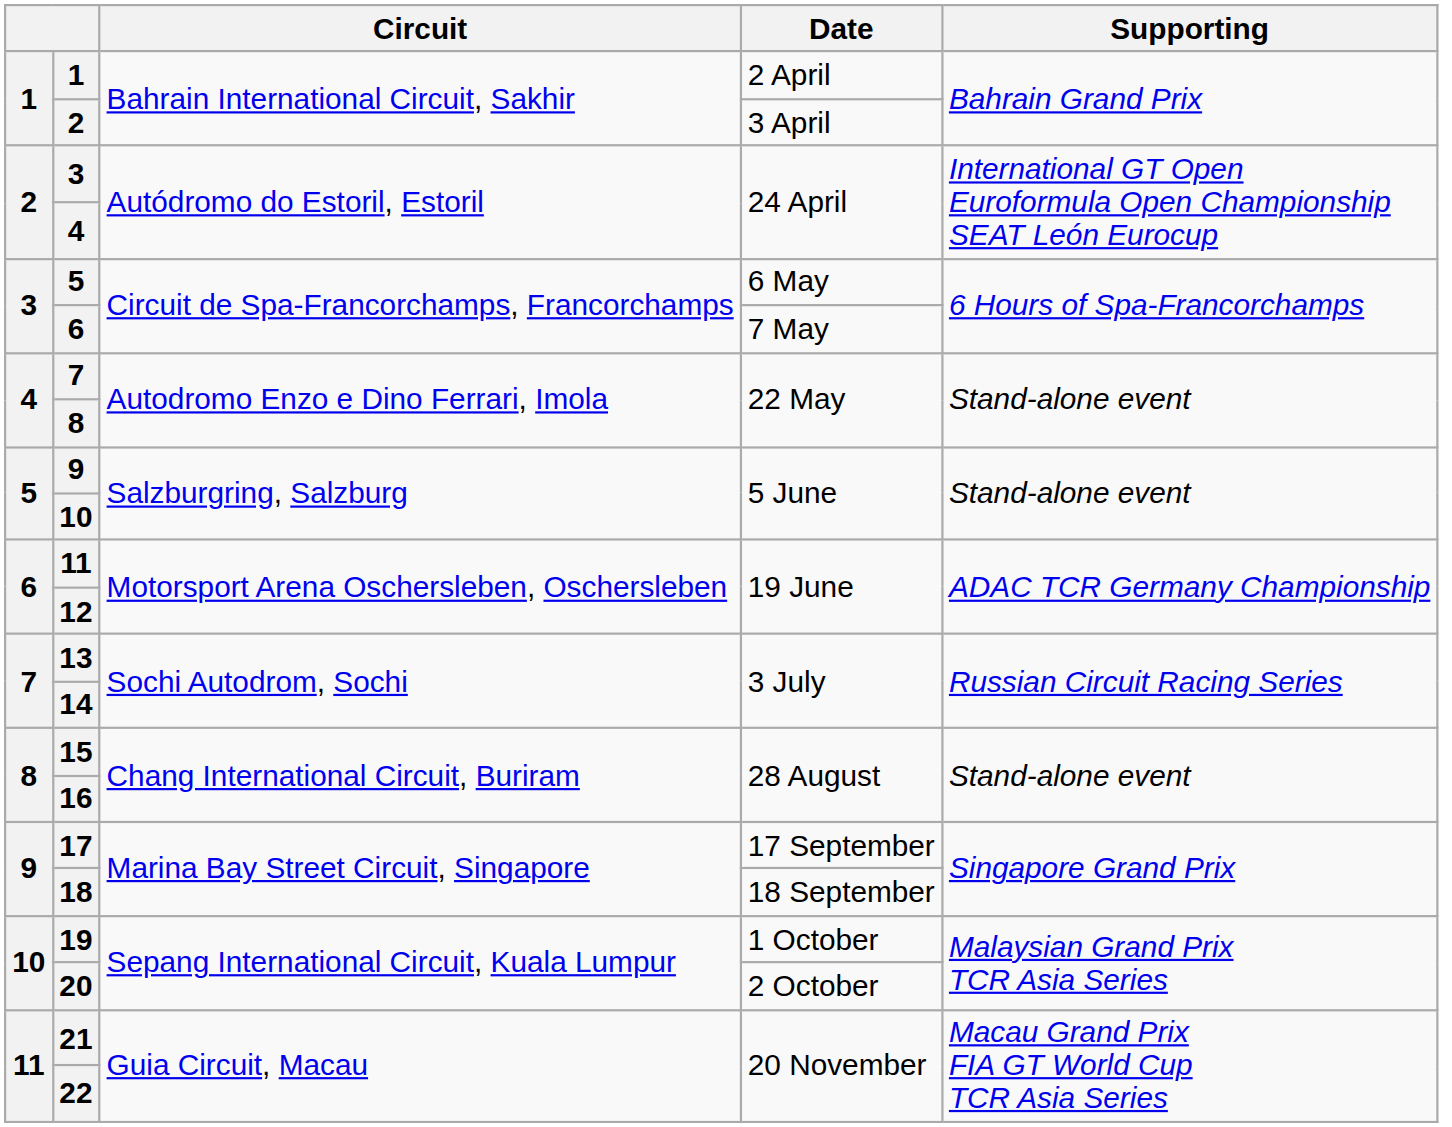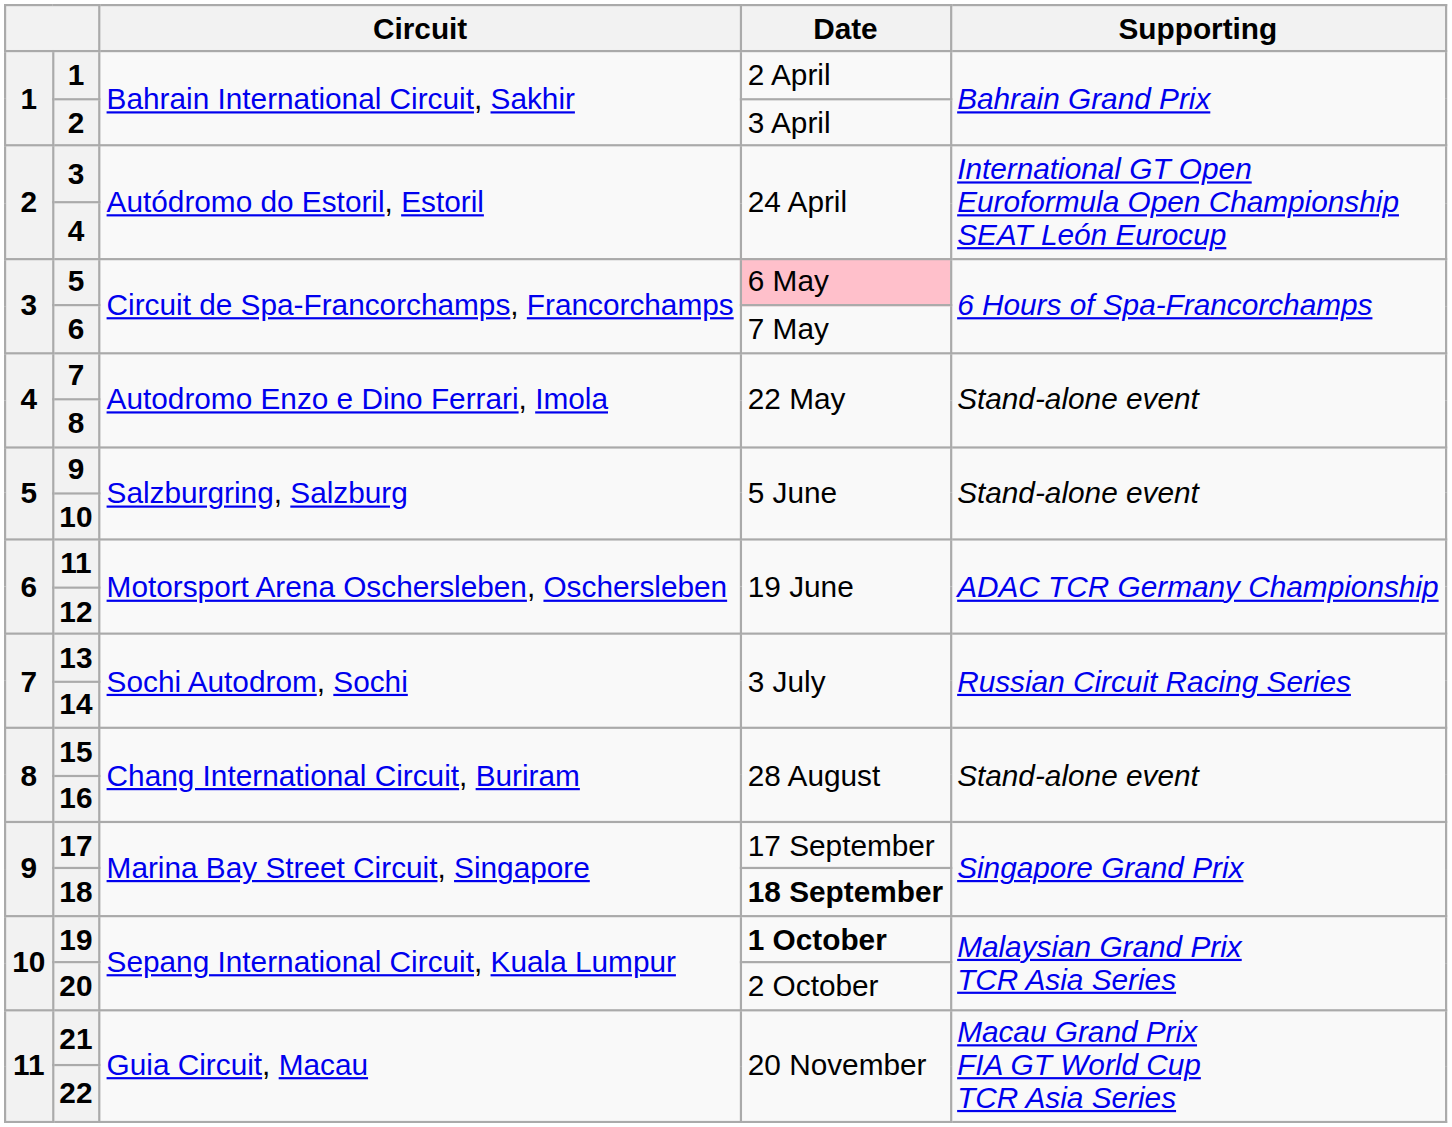 <table class="wikitable" style="font-size: 85%">
 <tr>
 <th colspan=2></th>
 <th>Circuit</th>
 <th>Date</th>
 <th>Supporting</th>
 </tr>
 <tr>
 <th rowspan=2>1</th>
 <th>1</th>
 <td rowspan=2> <a href='#'>Bahrain International Circuit</a>, <a href='#'>Sakhir</a></td>
 <td>2 April</td>
 <td rowspan=2><em><a href='#'>Bahrain Grand Prix</a></em></td>
 </tr>
 <tr>
 <th>2</th>
 <td>3 April</td>
 </tr>
 <tr>
 <th rowspan=2>2</th>
 <th>3</th>
 <td rowspan=2> <a href='#'>Autódromo do Estoril</a>, <a href='#'>Estoril</a></td>
 <td rowspan=2>24 April</td>
 <td rowspan=2><em><a href='#'>International GT Open</a></em><br><em><a href='#'>Euroformula Open Championship</a></em><br><em><a href='#'>SEAT León Eurocup</a></em></td>
 </tr>
 <tr>
 <th>4</th>
 </tr>
 <tr>
 <th rowspan=2>3</th>
 <th>5</th>
 <td rowspan=2> <a href='#'>Circuit de Spa-Francorchamps</a>, <a href='#'>Francorchamps</a></td>
-<td>6 May</td>
+<td style="background: pink;">6 May</td>
 <td rowspan=2><em><a href='#'>6 Hours of Spa-Francorchamps</a></em></td>
 </tr>
 <tr>
 <th>6</th>
 <td>7 May</td>
 </tr>
 <tr>
 <th rowspan=2>4</th>
 <th>7</th>
 <td rowspan=2> <a href='#'>Autodromo Enzo e Dino Ferrari</a>, <a href='#'>Imola</a></td>
 <td rowspan=2>22 May</td>
 <td rowspan=2><em>Stand-alone event</em></td>
 </tr>
 <tr>
 <th>8</th>
 </tr>
 <tr>
 <th rowspan=2>5</th>
 <th>9</th>
 <td rowspan=2> <a href='#'>Salzburgring</a>, <a href='#'>Salzburg</a></td>
 <td rowspan=2>5 June</td>
 <td rowspan=2><em>Stand-alone event</em></td>
 </tr>
 <tr>
 <th>10</th>
 </tr>
 <tr>
 <th rowspan=2>6</th>
 <th>11</th>
 <td rowspan=2> <a href='#'>Motorsport Arena Oschersleben</a>, <a href='#'>Oschersleben</a></td>
 <td rowspan=2>19 June</td>
 <td rowspan=2><em><a href='#'>ADAC TCR Germany Championship</a></em></td>
 </tr>
 <tr>
 <th>12</th>
 </tr>
 <tr>
 <th rowspan=2>7</th>
 <th>13</th>
 <td rowspan=2> <a href='#'>Sochi Autodrom</a>, <a href='#'>Sochi</a></td>
 <td rowspan=2>3 July</td>
 <td rowspan=2><em><a href='#'>Russian Circuit Racing Series</a></em></td>
 </tr>
 <tr>
 <th>14</th>
 </tr>
 <tr>
 <th rowspan=2>8</th>
 <th>15</th>
 <td rowspan=2> <a href='#'>Chang International Circuit</a>, <a href='#'>Buriram</a></td>
 <td rowspan=2>28 August</td>
 <td rowspan=2><em>Stand-alone event</em></td>
 </tr>
 <tr>
 <th>16</th>
 </tr>
 <tr>
 <th rowspan=2>9</th>
 <th>17</th>
 <td rowspan=2> <a href='#'>Marina Bay Street Circuit</a>, <a href='#'>Singapore</a></td>
 <td>17 September</td>
 <td rowspan=2><em><a href='#'>Singapore Grand Prix</a></em></td>
 </tr>
 <tr>
 <th>18</th>
-<td>18 September</td>
+<td><strong>18 September</strong></td>
 </tr>
 <tr>
 <th rowspan=2>10</th>
 <th>19</th>
 <td rowspan=2> <a href='#'>Sepang International Circuit</a>, <a href='#'>Kuala Lumpur</a></td>
-<td>1 October</td>
+<td><strong>1 October</strong></td>
 <td rowspan=2><em><a href='#'>Malaysian Grand Prix</a></em><br><em><a href='#'>TCR Asia Series</a></em></td>
 </tr>
 <tr>
 <th>20</th>
 <td>2 October</td>
 </tr>
 <tr>
 <th rowspan=2>11</th>
 <th>21</th>
 <td rowspan=2> <a href='#'>Guia Circuit</a>, <a href='#'>Macau</a></td>
 <td rowspan=2>20 November</td>
 <td rowspan=2><em><a href='#'>Macau Grand Prix</a></em><br><em><a href='#'>FIA GT World Cup</a></em><br><em><a href='#'>TCR Asia Series</a></em></td>
 </tr>
 <tr>
 <th>22</th>
 </tr>
 </table>
